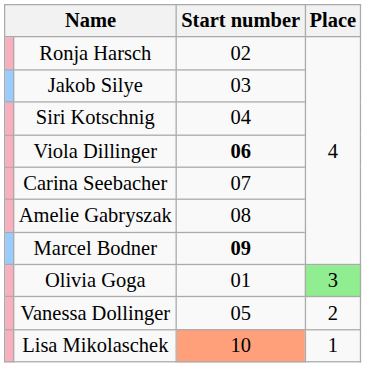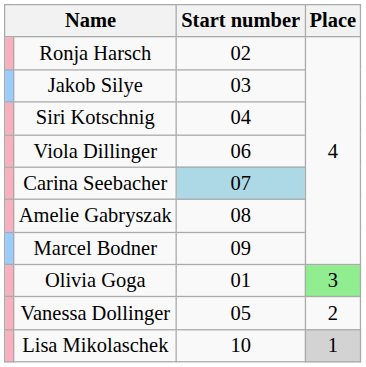 <table class="wikitable sortable" style="text-align:center">
 <tr>
 <th colspan=2>Name</th>
 <th>Start number</th>
 <th>Place</th>
 </tr>
 <tr>
 <th style="background:#faafbe"></th>
 <td>Ronja Harsch</td>
 <td>02</td>
 <td rowspan=7>4</td>
 </tr>
 <tr>
 <td style="background:#9cf;"></td>
 <td>Jakob Silye</td>
 <td>03</td>
 </tr>
 <tr>
 <td style="background:#faafbe"></td>
 <td>Siri Kotschnig</td>
 <td>04</td>
 </tr>
 <tr>
 <td style="background:#faafbe"></td>
 <td>Viola Dillinger</td>
-<td><strong>06</strong></td>
+<td>06</td>
 </tr>
 <tr>
 <td style="background:#faafbe"></td>
 <td>Carina Seebacher</td>
-<td>07</td>
+<td style="background: lightblue;">07</td>
 </tr>
 <tr>
 <td style="background:#faafbe"></td>
 <td>Amelie Gabryszak</td>
 <td>08</td>
 </tr>
 <tr>
 <td style="background:#9cf;"></td>
 <td>Marcel Bodner</td>
-<td><strong>09</strong></td>
+<td>09</td>
 </tr>
 <tr>
 <td style="background:#faafbe"></td>
 <td>Olivia Goga</td>
 <td>01</td>
 <td style="background: lightgreen;">3</td>
 </tr>
 <tr>
 <td style="background:#faafbe"></td>
 <td>Vanessa Dollinger</td>
 <td>05</td>
 <td>2</td>
 </tr>
 <tr>
 <td style="background:#faafbe"></td>
 <td>Lisa Mikolaschek</td>
-<td style="background: lightsalmon;">10</td>
-<td>1</td>
+<td>10</td>
+<td style="background: lightgrey;">1</td>
 </tr>
 </table>
